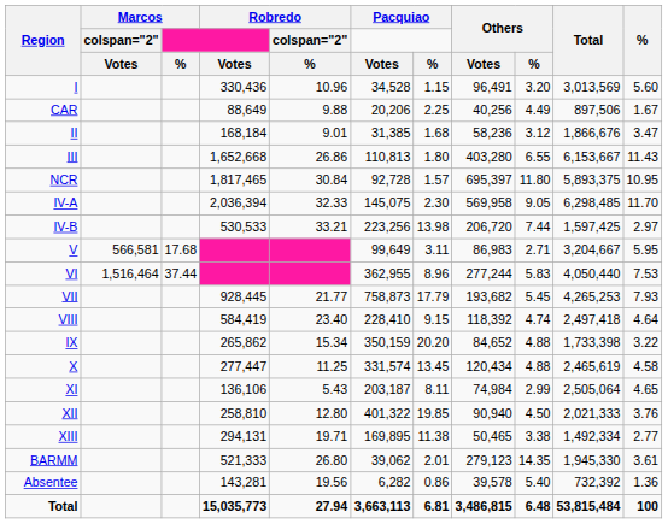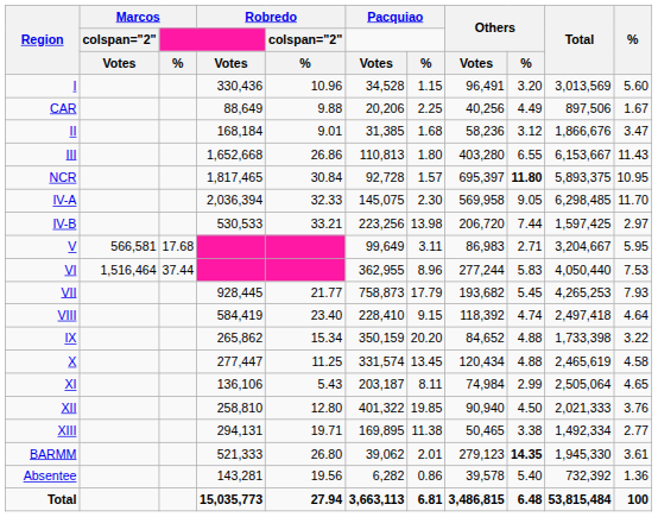 <table class="wikitable " style="text-align:right; font-size:92%; line-height:20px;">
 <tr>
 <th width="80" rowspan="3"><a href='#'>Region</a></th>
 <th width="110" colspan="2"><a href='#'>Marcos</a></th>
 <th width="110" colspan="2"><a href='#'>Robredo</a></th>
 <th width="110" colspan="2"><a href='#'>Pacquiao</a></th>
 <th colspan="2" rowspan="2" width="110">Others</th>
 <th rowspan="3">Total</th>
 <th rowspan="3">%</th>
 </tr>
 <tr>
 <th>colspan="2" </th>
 <th colspan="2" ! style="background:#FE18A3;"></th>
 <th>colspan="2" </th>
 </tr>
 <tr>
 <th>Votes</th>
 <th>%</th>
 <th>Votes</th>
 <th>%</th>
 <th>Votes</th>
 <th>%</th>
 <th>Votes</th>
 <th>%</th>
 </tr>
 <tr>
 <td><a href='#'>I</a></td>
 <td></td>
 <td></td>
 <td>330,436</td>
 <td>10.96</td>
 <td>34,528</td>
 <td>1.15</td>
 <td>96,491</td>
 <td>3.20</td>
 <td>3,013,569</td>
 <td>5.60</td>
 </tr>
 <tr>
 <td><a href='#'>CAR</a></td>
 <td></td>
 <td></td>
 <td>88,649</td>
 <td>9.88</td>
 <td>20,206</td>
 <td>2.25</td>
 <td>40,256</td>
 <td>4.49</td>
 <td>897,506</td>
 <td>1.67</td>
 </tr>
 <tr>
 <td><a href='#'>II</a></td>
 <td></td>
 <td></td>
 <td>168,184</td>
 <td>9.01</td>
 <td>31,385</td>
 <td>1.68</td>
 <td>58,236</td>
 <td>3.12</td>
 <td>1,866,676</td>
 <td>3.47</td>
 </tr>
 <tr>
 <td><a href='#'>III</a></td>
 <td></td>
 <td></td>
 <td>1,652,668</td>
 <td>26.86</td>
 <td>110,813</td>
 <td>1.80</td>
 <td>403,280</td>
 <td>6.55</td>
 <td>6,153,667</td>
 <td>11.43</td>
 </tr>
 <tr>
 <td><a href='#'>NCR</a></td>
 <td></td>
 <td></td>
 <td>1,817,465</td>
 <td>30.84</td>
 <td>92,728</td>
 <td>1.57</td>
 <td>695,397</td>
-<td>11.80</td>
+<td><strong>11.80</strong></td>
 <td>5,893,375</td>
 <td>10.95</td>
 </tr>
 <tr>
 <td><a href='#'>IV-A</a></td>
 <td></td>
 <td></td>
 <td>2,036,394</td>
 <td>32.33</td>
 <td>145,075</td>
 <td>2.30</td>
 <td>569,958</td>
 <td>9.05</td>
 <td>6,298,485</td>
 <td>11.70</td>
 </tr>
 <tr>
 <td><a href='#'>IV-B</a></td>
 <td></td>
 <td></td>
 <td>530,533</td>
 <td>33.21</td>
 <td>223,256</td>
 <td>13.98</td>
 <td>206,720</td>
 <td>7.44</td>
 <td>1,597,425</td>
 <td>2.97</td>
 </tr>
 <tr>
 <td><a href='#'>V</a></td>
 <td>566,581</td>
 <td>17.68</td>
 <td bgcolor=#fe18a3></td>
 <td bgcolor=#fe18a3></td>
 <td>99,649</td>
 <td>3.11</td>
 <td>86,983</td>
 <td>2.71</td>
 <td>3,204,667</td>
 <td>5.95</td>
 </tr>
 <tr>
 <td><a href='#'>VI</a></td>
 <td>1,516,464</td>
 <td>37.44</td>
 <td bgcolor=#fe18a3></td>
 <td bgcolor=#fe18a3></td>
 <td>362,955</td>
 <td>8.96</td>
 <td>277,244</td>
 <td>5.83</td>
 <td>4,050,440</td>
 <td>7.53</td>
 </tr>
 <tr>
 <td><a href='#'>VII</a></td>
 <td></td>
 <td></td>
 <td>928,445</td>
 <td>21.77</td>
 <td>758,873</td>
 <td>17.79</td>
 <td>193,682</td>
 <td>5.45</td>
 <td>4,265,253</td>
 <td>7.93</td>
 </tr>
 <tr>
 <td><a href='#'>VIII</a></td>
 <td></td>
 <td></td>
 <td>584,419</td>
 <td>23.40</td>
 <td>228,410</td>
 <td>9.15</td>
 <td>118,392</td>
 <td>4.74</td>
 <td>2,497,418</td>
 <td>4.64</td>
 </tr>
 <tr>
 <td><a href='#'>IX</a></td>
 <td></td>
 <td></td>
 <td>265,862</td>
 <td>15.34</td>
 <td>350,159</td>
 <td>20.20</td>
 <td>84,652</td>
 <td>4.88</td>
 <td>1,733,398</td>
 <td>3.22</td>
 </tr>
 <tr>
 <td><a href='#'>X</a></td>
 <td></td>
 <td></td>
 <td>277,447</td>
 <td>11.25</td>
 <td>331,574</td>
 <td>13.45</td>
 <td>120,434</td>
 <td>4.88</td>
 <td>2,465,619</td>
 <td>4.58</td>
 </tr>
 <tr>
 <td><a href='#'>XI</a></td>
 <td></td>
 <td></td>
 <td>136,106</td>
 <td>5.43</td>
 <td>203,187</td>
 <td>8.11</td>
 <td>74,984</td>
 <td>2.99</td>
 <td>2,505,064</td>
 <td>4.65</td>
 </tr>
 <tr>
 <td><a href='#'>XII</a></td>
 <td></td>
 <td></td>
 <td>258,810</td>
 <td>12.80</td>
 <td>401,322</td>
 <td>19.85</td>
 <td>90,940</td>
 <td>4.50</td>
 <td>2,021,333</td>
 <td>3.76</td>
 </tr>
 <tr>
 <td><a href='#'>XIII</a></td>
 <td></td>
 <td></td>
 <td>294,131</td>
 <td>19.71</td>
 <td>169,895</td>
 <td>11.38</td>
 <td>50,465</td>
 <td>3.38</td>
 <td>1,492,334</td>
 <td>2.77</td>
 </tr>
 <tr>
 <td><a href='#'>BARMM</a></td>
 <td></td>
 <td></td>
 <td>521,333</td>
 <td>26.80</td>
 <td>39,062</td>
 <td>2.01</td>
 <td>279,123</td>
-<td>14.35</td>
+<td><strong>14.35</strong></td>
 <td>1,945,330</td>
 <td>3.61</td>
 </tr>
 <tr>
 <td><a href='#'>Absentee</a></td>
 <td></td>
 <td></td>
 <td>143,281</td>
 <td>19.56</td>
 <td>6,282</td>
 <td>0.86</td>
 <td>39,578</td>
 <td>5.40</td>
 <td>732,392</td>
 <td>1.36</td>
 </tr>
 <tr>
 <td><strong>Total</strong></td>
 <td></td>
 <td></td>
 <td><strong>15,035,773</strong></td>
 <td><strong>27.94</strong></td>
 <td><strong>3,663,113</strong></td>
 <td><strong>6.81</strong></td>
 <td><strong>3,486,815</strong></td>
 <td><strong>6.48</strong></td>
 <td><strong>53,815,484</strong></td>
 <td><strong>100</strong></td>
 </tr>
 </table>
